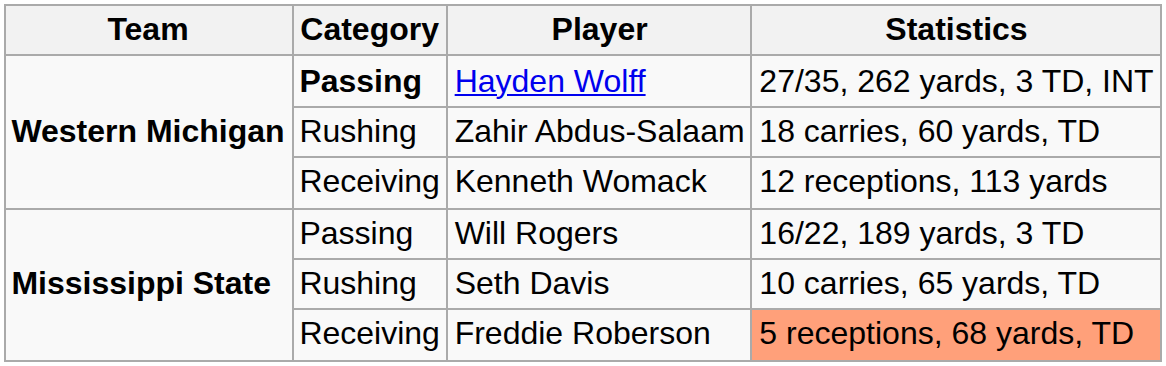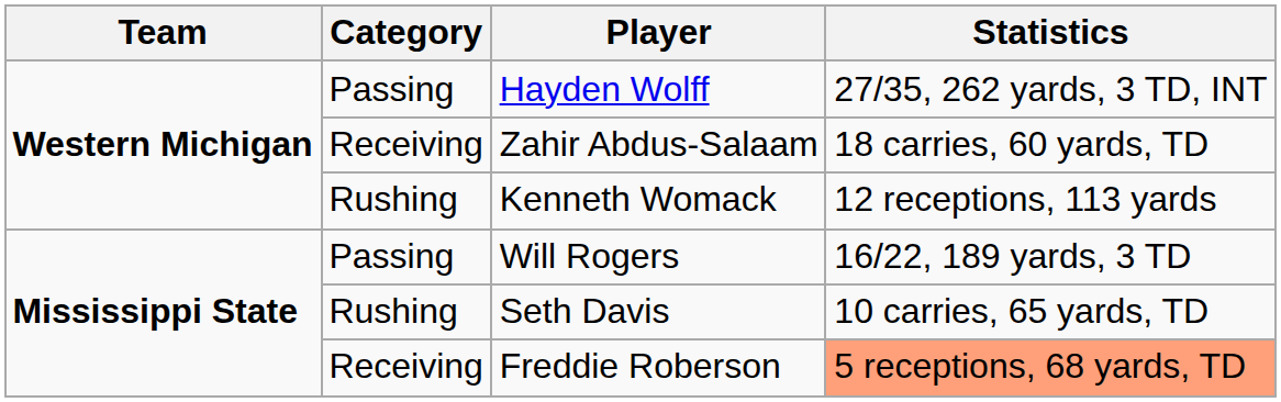 <table class="wikitable" style="float: right;">
 <tr>
 <th>Team</th>
 <th>Category</th>
 <th>Player</th>
 <th>Statistics</th>
 </tr>
 <tr>
 <td rowspan=3><strong>Western Michigan</strong></td>
-<td><strong>Passing</strong></td>
+<td>Passing</td>
 <td><a href='#'>Hayden Wolff</a></td>
 <td>27/35, 262 yards, 3 TD, INT</td>
 </tr>
 <tr>
-<td>Rushing</td>
+<td>Receiving</td>
 <td>Zahir Abdus-Salaam</td>
 <td>18 carries, 60 yards, TD</td>
 </tr>
 <tr>
-<td>Receiving</td>
+<td>Rushing</td>
 <td>Kenneth Womack</td>
 <td>12 receptions, 113 yards</td>
 </tr>
 <tr>
 <td rowspan=3><strong>Mississippi State</strong></td>
 <td>Passing</td>
 <td>Will Rogers</td>
 <td>16/22, 189 yards, 3 TD</td>
 </tr>
 <tr>
 <td>Rushing</td>
 <td>Seth Davis</td>
 <td>10 carries, 65 yards, TD</td>
 </tr>
 <tr>
 <td>Receiving</td>
 <td>Freddie Roberson</td>
 <td style="background: lightsalmon;">5 receptions, 68 yards, TD</td>
 </tr>
 </table>
